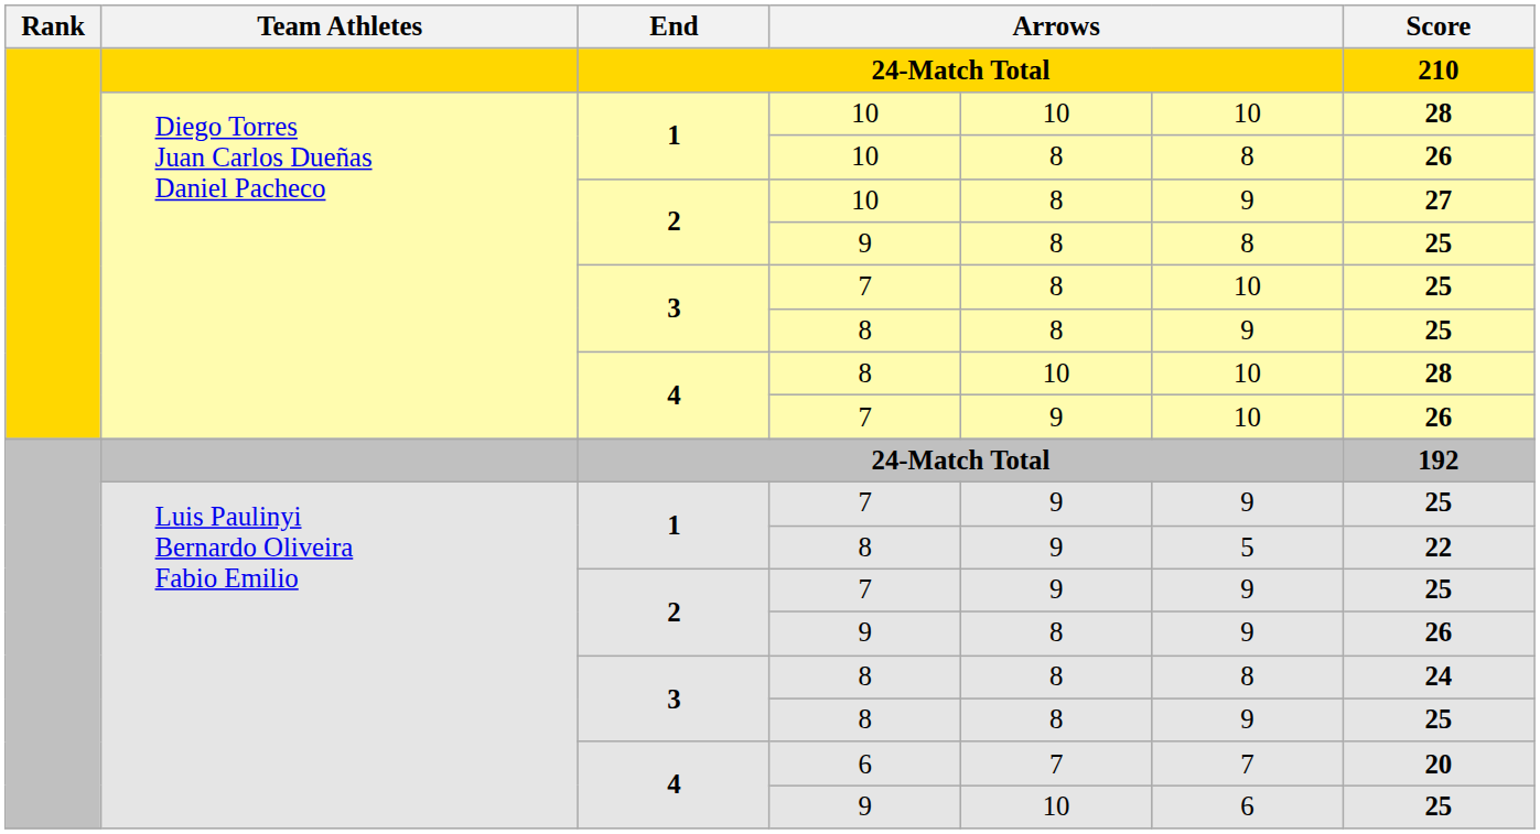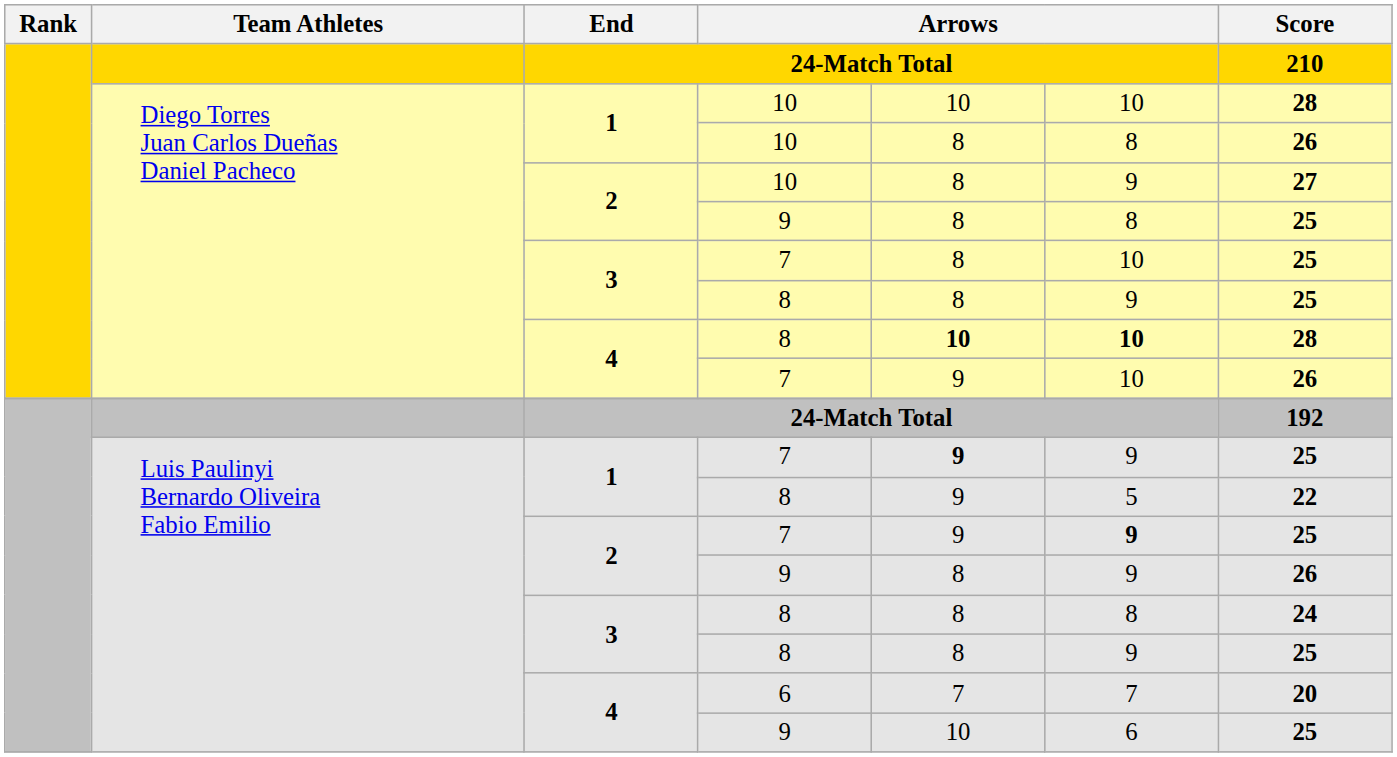 <table class=wikitable>
 <tr>
 <th width=5%>Rank</th>
 <th width=25%>Team Athletes</th>
 <th width=10%>End</th>
 <th colspan=3 width=30%>Arrows</th>
 <th width=10%>Score</th>
 </tr>
 <tr bgcolor=gold>
 <td rowspan=9 align=center></td>
 <td></td>
 <td colspan=4 align=center><strong>24-Match Total</strong></td>
 <td align=center><strong>210</strong></td>
 </tr>
 <tr bgcolor=fffcaf>
 <td rowspan=8>       <a href='#'>Diego Torres</a><br>       <a href='#'>Juan Carlos Dueñas</a><br>       <a href='#'>Daniel Pacheco</a><br><br><br><br><br><br><br><br></td>
 <td rowspan=2 align=center><strong>1</strong></td>
 <td align=center>10</td>
 <td align=center>10</td>
 <td align=center>10</td>
 <td align=center><strong>28</strong></td>
 </tr>
 <tr bgcolor=fffcaf>
 <td align=center>10</td>
 <td align=center>8</td>
 <td align=center>8</td>
 <td align=center><strong>26</strong></td>
 </tr>
 <tr bgcolor=fffcaf>
 <td rowspan=2 align=center><strong>2</strong></td>
 <td align=center>10</td>
 <td align=center>8</td>
 <td align=center>9</td>
 <td align=center><strong>27</strong></td>
 </tr>
 <tr bgcolor=fffcaf>
 <td align=center>9</td>
 <td align=center>8</td>
 <td align=center>8</td>
 <td align=center><strong>25</strong></td>
 </tr>
 <tr bgcolor=fffcaf>
 <td rowspan=2 align=center><strong>3</strong></td>
 <td align=center>7</td>
 <td align=center>8</td>
 <td align=center>10</td>
 <td align=center><strong>25</strong></td>
 </tr>
 <tr bgcolor=fffcaf>
 <td align=center>8</td>
 <td align=center>8</td>
 <td align=center>9</td>
 <td align=center><strong>25</strong></td>
 </tr>
 <tr bgcolor=fffcaf>
 <td rowspan=2 align=center><strong>4</strong></td>
 <td align=center>8</td>
-<td align=center>10</td>
-<td align=center>10</td>
+<td align=center><strong>10</strong></td>
+<td align=center><strong>10</strong></td>
 <td align=center><strong>28</strong></td>
 </tr>
 <tr bgcolor=fffcaf>
 <td align=center>7</td>
 <td align=center>9</td>
 <td align=center>10</td>
 <td align=center><strong>26</strong></td>
 </tr>
 <tr>
 </tr>
 <tr bgcolor=silver>
 <td rowspan=9 align=center></td>
 <td></td>
 <td colspan=4 align=center><strong>24-Match Total</strong></td>
 <td align=center><strong>192</strong></td>
 </tr>
 <tr bgcolor=e5e5e5>
 <td rowspan=8>       <a href='#'>Luis Paulinyi</a><br>        <a href='#'>Bernardo Oliveira</a><br>       <a href='#'>Fabio Emilio</a><br><br><br><br><br><br><br><br></td>
 <td rowspan=2 align=center><strong>1</strong></td>
 <td align=center>7</td>
-<td align=center>9</td>
+<td align=center><strong>9</strong></td>
 <td align=center>9</td>
 <td align=center><strong>25</strong></td>
 </tr>
 <tr bgcolor=e5e5e5>
 <td align=center>8</td>
 <td align=center>9</td>
 <td align=center>5</td>
 <td align=center><strong>22</strong></td>
 </tr>
 <tr bgcolor=e5e5e5>
 <td rowspan=2 align=center><strong>2</strong></td>
 <td align=center>7</td>
 <td align=center>9</td>
-<td align=center>9</td>
+<td align=center><strong>9</strong></td>
 <td align=center><strong>25</strong></td>
 </tr>
 <tr bgcolor=e5e5e5>
 <td align=center>9</td>
 <td align=center>8</td>
 <td align=center>9</td>
 <td align=center><strong>26</strong></td>
 </tr>
 <tr bgcolor=e5e5e5>
 <td rowspan=2 align=center><strong>3</strong></td>
 <td align=center>8</td>
 <td align=center>8</td>
 <td align=center>8</td>
 <td align=center><strong>24</strong></td>
 </tr>
 <tr bgcolor=e5e5e5>
 <td align=center>8</td>
 <td align=center>8</td>
 <td align=center>9</td>
 <td align=center><strong>25</strong></td>
 </tr>
 <tr bgcolor=e5e5e5>
 <td rowspan=2 align=center><strong>4</strong></td>
 <td align=center>6</td>
 <td align=center>7</td>
 <td align=center>7</td>
 <td align=center><strong>20</strong></td>
 </tr>
 <tr bgcolor=e5e5e5>
 <td align=center>9</td>
 <td align=center>10</td>
 <td align=center>6</td>
 <td align=center><strong>25</strong></td>
 </tr>
 </table>
